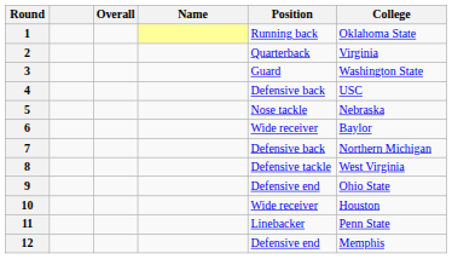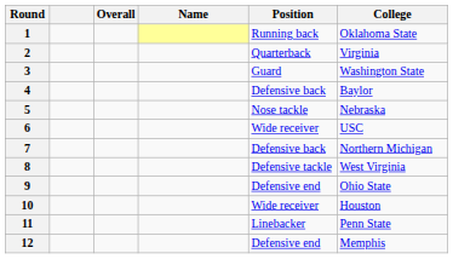 <table class="wikitable sortable">
 <tr>
 <th scope="col" style="width: 10%;">Round</th>
 <th scope="col" style="width: 10%;"></th>
 <th scope="col" style="width: 10%;">Overall</th>
 <th scope="col" style="width: 25%;">Name</th>
 <th scope="col" style="width: 20%;">Position</th>
 <th scope="col" style="width: 25%;">College</th>
 </tr>
 <tr>
 <th scope="row">1</th>
 <td></td>
 <td></td>
 <td style="background-color: #FFFF99;"> </td>
 <td><a href='#'>Running back</a></td>
 <td><a href='#'>Oklahoma State</a></td>
 </tr>
 <tr>
 <th scope="row">2</th>
 <td></td>
 <td></td>
 <td></td>
 <td><a href='#'>Quarterback</a></td>
 <td><a href='#'>Virginia</a></td>
 </tr>
 <tr>
 <th scope="row">3</th>
 <td></td>
 <td></td>
 <td></td>
 <td><a href='#'>Guard</a></td>
 <td><a href='#'>Washington State</a></td>
 </tr>
 <tr>
 <th scope="row">4</th>
 <td></td>
 <td></td>
 <td></td>
 <td><a href='#'>Defensive back</a></td>
-<td><a href='#'>USC</a></td>
+<td><a href='#'>Baylor</a></td>
 </tr>
 <tr>
 <th scope="row">5</th>
 <td></td>
 <td></td>
 <td></td>
 <td><a href='#'>Nose tackle</a></td>
 <td><a href='#'>Nebraska</a></td>
 </tr>
 <tr>
 <th scope="row">6</th>
 <td></td>
 <td></td>
 <td></td>
 <td><a href='#'>Wide receiver</a></td>
-<td><a href='#'>Baylor</a></td>
+<td><a href='#'>USC</a></td>
 </tr>
 <tr>
 <th scope="row">7</th>
 <td></td>
 <td></td>
 <td></td>
 <td><a href='#'>Defensive back</a></td>
 <td><a href='#'>Northern Michigan</a></td>
 </tr>
 <tr>
 <th scope="row">8</th>
 <td></td>
 <td></td>
 <td></td>
 <td><a href='#'>Defensive tackle</a></td>
 <td><a href='#'>West Virginia</a></td>
 </tr>
 <tr>
 <th scope="row">9</th>
 <td></td>
 <td></td>
 <td></td>
 <td><a href='#'>Defensive end</a></td>
 <td><a href='#'>Ohio State</a></td>
 </tr>
 <tr>
 <th scope="row">10</th>
 <td></td>
 <td></td>
 <td></td>
 <td><a href='#'>Wide receiver</a></td>
 <td><a href='#'>Houston</a></td>
 </tr>
 <tr>
 <th scope="row">11</th>
 <td></td>
 <td></td>
 <td></td>
 <td><a href='#'>Linebacker</a></td>
 <td><a href='#'>Penn State</a></td>
 </tr>
 <tr>
 <th scope="row">12</th>
 <td></td>
 <td></td>
 <td></td>
 <td><a href='#'>Defensive end</a></td>
 <td><a href='#'>Memphis</a></td>
 </tr>
 </table>
